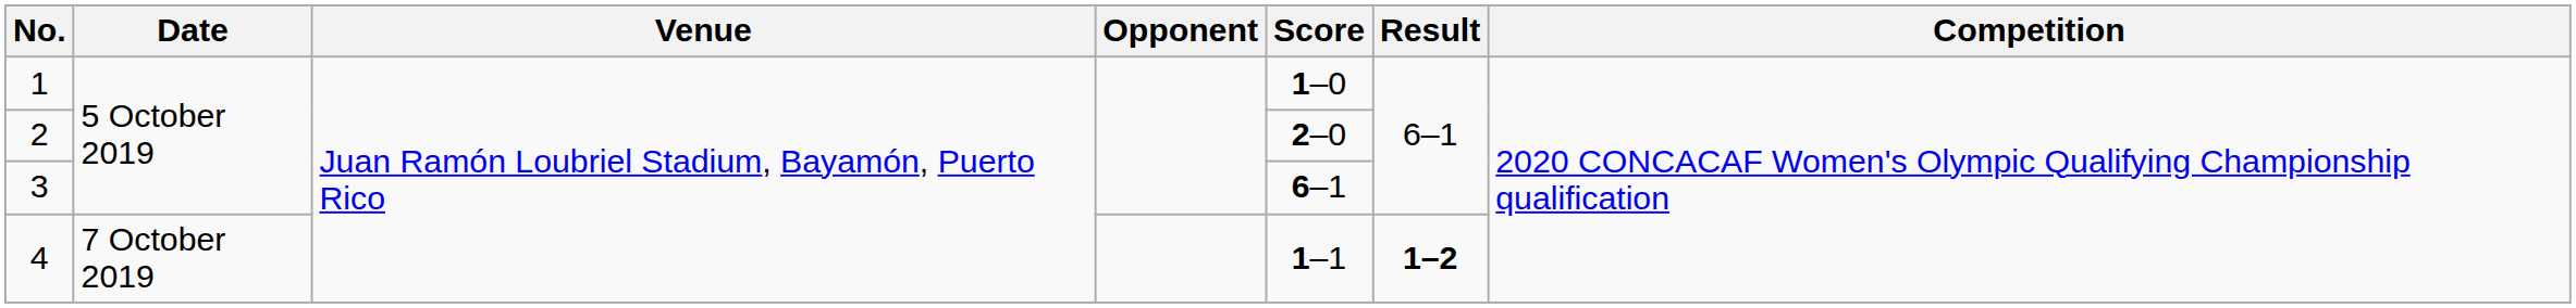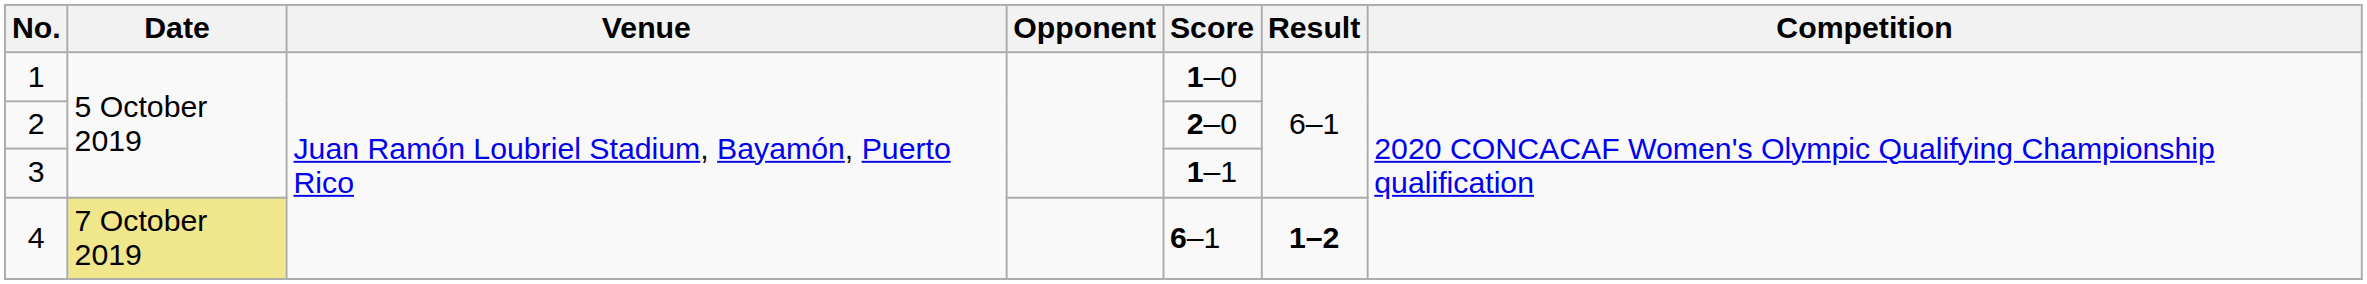 <table class="wikitable">
 <tr>
 <th>No.</th>
 <th>Date</th>
 <th>Venue</th>
 <th>Opponent</th>
 <th>Score</th>
 <th>Result</th>
 <th>Competition</th>
 </tr>
 <tr>
 <td style="text-align:center;">1</td>
 <td rowspan=3>5 October 2019</td>
 <td rowspan=4><a href='#'>Juan Ramón Loubriel Stadium</a>, <a href='#'>Bayamón</a>, <a href='#'>Puerto Rico</a></td>
 <td rowspan=3></td>
 <td style="text-align:center;"><strong>1</strong>–0</td>
 <td rowspan=3 style="text-align:center;">6–1</td>
 <td rowspan=4><a href='#'>2020 CONCACAF Women's Olympic Qualifying Championship qualification</a></td>
 </tr>
 <tr style="text-align:center;">
 <td>2</td>
 <td><strong>2</strong>–0</td>
 </tr>
 <tr style="text-align:center;">
 <td>3</td>
-<td><strong>6</strong>–1</td>
+<td style="text-align:center;"><strong>1</strong>–1</td>
 </tr>
 <tr>
 <td style="text-align:center;">4</td>
-<td>7 October 2019</td>
+<td style="background: khaki;">7 October 2019</td>
 <td></td>
-<td style="text-align:center;"><strong>1</strong>–1</td>
+<td><strong>6</strong>–1</td>
 <td style="text-align:center;"><strong>1–2</strong></td>
 </tr>
 </table>
